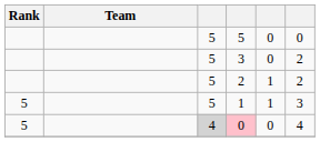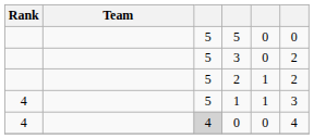 <table class="wikitable" style="text-align:center; font-size:90%;">
 <tr>
 <th width=35>Rank</th>
 <th width=160>Team</th>
 <th width=25></th>
 <th width=25></th>
 <th width=25></th>
 <th width=25></th>
 </tr>
 <tr>
 <td></td>
 <td align="left"></td>
 <td>5</td>
 <td>5</td>
 <td>0</td>
 <td>0</td>
 </tr>
 <tr>
 <td></td>
 <td align="left"></td>
 <td>5</td>
 <td>3</td>
 <td>0</td>
 <td>2</td>
 </tr>
 <tr>
 <td></td>
 <td align="left"></td>
 <td>5</td>
 <td>2</td>
 <td>1</td>
 <td>2</td>
 </tr>
 <tr>
-<td>5</td>
+<td>4</td>
 <td align="left"></td>
 <td>5</td>
 <td>1</td>
 <td>1</td>
 <td>3</td>
 </tr>
 <tr>
-<td>5</td>
+<td>4</td>
 <td align="left"></td>
 <td style="background: lightgrey;">4</td>
-<td style="background: pink;">0</td>
+<td>0</td>
 <td>0</td>
 <td>4</td>
 </tr>
 <tr>
 </tr>
 </table>
